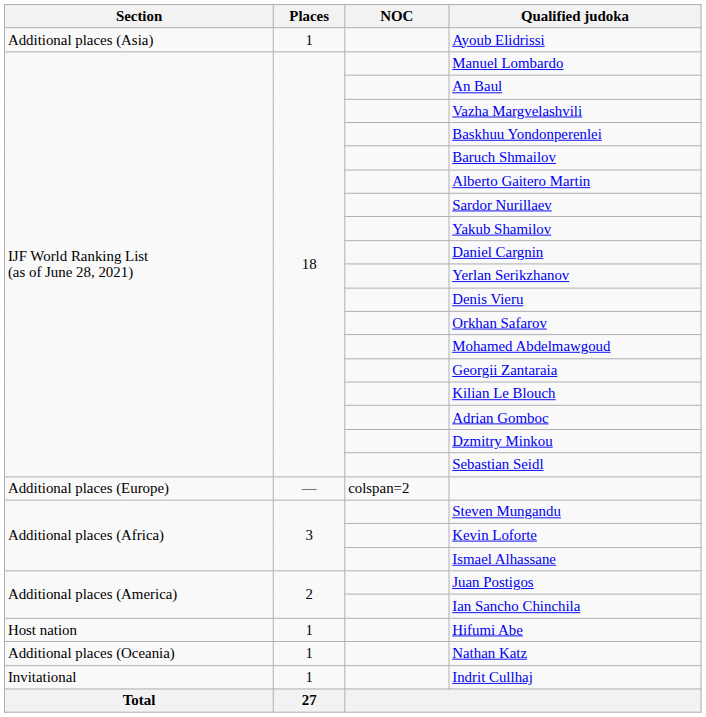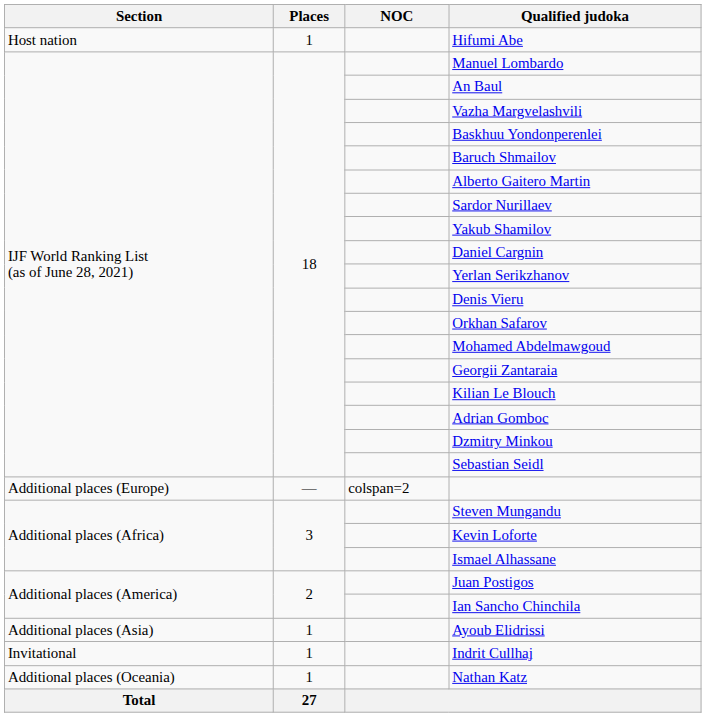 <table class="wikitable"  width=750>
 <tr>
 <th>Section</th>
 <th>Places</th>
 <th>NOC</th>
 <th>Qualified judoka</th>
 </tr>
 <tr>
-<td>Additional places (Asia)</td>
+<td>Host nation</td>
 <td align=center>1</td>
 <td></td>
-<td><a href='#'>Ayoub Elidrissi</a></td>
+<td><a href='#'>Hifumi Abe</a></td>
 </tr>
 <tr>
 <td rowspan=18>IJF World Ranking List<br>(as of June 28, 2021)</td>
 <td rowspan=18 align=center>18</td>
 <td></td>
 <td><a href='#'>Manuel Lombardo</a></td>
 </tr>
 <tr>
 <td></td>
 <td><a href='#'>An Baul</a></td>
 </tr>
 <tr>
 <td></td>
 <td><a href='#'>Vazha Margvelashvili</a></td>
 </tr>
 <tr>
 <td></td>
 <td><a href='#'>Baskhuu Yondonperenlei </a></td>
 </tr>
 <tr>
 <td></td>
 <td><a href='#'>Baruch Shmailov</a></td>
 </tr>
 <tr>
 <td></td>
 <td><a href='#'>Alberto Gaitero Martin</a></td>
 </tr>
 <tr>
 <td></td>
 <td><a href='#'>Sardor Nurillaev</a></td>
 </tr>
 <tr>
 <td></td>
 <td><a href='#'>Yakub Shamilov</a></td>
 </tr>
 <tr>
 <td></td>
 <td><a href='#'>Daniel Cargnin</a></td>
 </tr>
 <tr>
 <td></td>
 <td><a href='#'>Yerlan Serikzhanov</a></td>
 </tr>
 <tr>
 <td></td>
 <td><a href='#'>Denis Vieru</a></td>
 </tr>
 <tr>
 <td></td>
 <td><a href='#'>Orkhan Safarov</a></td>
 </tr>
 <tr>
 <td></td>
 <td><a href='#'>Mohamed Abdelmawgoud</a></td>
 </tr>
 <tr>
 <td></td>
 <td><a href='#'>Georgii Zantaraia</a></td>
 </tr>
 <tr>
 <td></td>
 <td><a href='#'>Kilian Le Blouch</a></td>
 </tr>
 <tr>
 <td></td>
 <td><a href='#'>Adrian Gomboc</a></td>
 </tr>
 <tr>
 <td></td>
 <td><a href='#'>Dzmitry Minkou</a></td>
 </tr>
 <tr>
 <td></td>
 <td><a href='#'>Sebastian Seidl</a></td>
 </tr>
 <tr>
 <td rowspan=1>Additional places (Europe)</td>
 <td align=center>—</td>
 <td>colspan=2 </td>
 </tr>
 <tr>
 <td rowspan=3>Additional places (Africa)</td>
 <td rowspan=3 align=center>3</td>
 <td></td>
 <td><a href='#'>Steven Mungandu</a></td>
 </tr>
 <tr>
 <td></td>
 <td><a href='#'>Kevin Loforte</a></td>
 </tr>
 <tr>
 <td></td>
 <td><a href='#'>Ismael Alhassane</a></td>
 </tr>
 <tr>
 <td rowspan=2>Additional places (America)</td>
 <td rowspan= 2 align=center>2</td>
 <td></td>
 <td><a href='#'>Juan Postigos</a></td>
 </tr>
 <tr>
 <td></td>
 <td><a href='#'>Ian Sancho Chinchila</a></td>
 </tr>
 <tr>
-<td>Host nation</td>
+<td>Additional places (Asia)</td>
 <td align=center>1</td>
 <td></td>
-<td><a href='#'>Hifumi Abe</a></td>
+<td><a href='#'>Ayoub Elidrissi</a></td>
+</tr>
+<tr>
+<td>Invitational</td>
+<td align=center>1</td>
+<td></td>
+<td><a href='#'>Indrit Cullhaj</a></td>
 </tr>
 <tr>
 <td>Additional places (Oceania)</td>
 <td align=center>1</td>
 <td></td>
 <td><a href='#'>Nathan Katz</a></td>
 </tr>
 <tr>
-<td>Invitational</td>
-<td align=center>1</td>
-<td></td>
-<td><a href='#'>Indrit Cullhaj</a></td>
-</tr>
-<tr>
 <th>Total</th>
 <th>27</th>
 <th colspan=2></th>
 </tr>
 </table>
